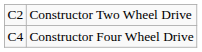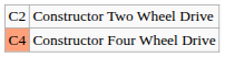 <table class="wikitable">
 <tr>
 <td>C2</td>
 <td>Constructor Two Wheel Drive</td>
 </tr>
 <tr>
-<td>C4</td>
+<td style="background: lightsalmon;">C4</td>
 <td>Constructor Four Wheel Drive</td>
 </tr>
 </table>
